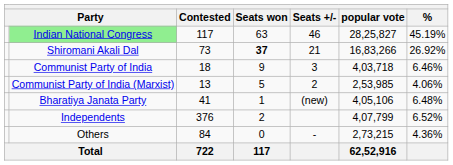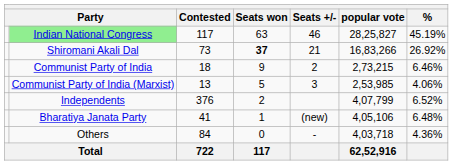 <table class="wikitable" style="text-align:center">
 <tr>
 <th colspan=7></th>
 </tr>
 <tr>
 <th colspan=2>Party</th>
 <th>Contested</th>
 <th>Seats won</th>
 <th>Seats +/-</th>
 <th>popular vote</th>
 <th>%</th>
 </tr>
 <tr>
 <td></td>
 <td style="background:#90EE90;"><a href='#'>Indian National Congress</a></td>
 <td>117</td>
 <td>63</td>
 <td>46</td>
 <td>28,25,827</td>
 <td>45.19%</td>
 </tr>
 <tr>
 <td></td>
 <td><a href='#'>Shiromani Akali Dal</a></td>
 <td>73</td>
 <td><strong>37</strong></td>
 <td>21</td>
 <td>16,83,266</td>
 <td>26.92%</td>
 </tr>
 <tr>
 <td></td>
 <td><a href='#'>Communist Party of India</a></td>
 <td>18</td>
 <td>9</td>
-<td>3</td>
-<td>4,03,718</td>
+<td>2</td>
+<td>2,73,215</td>
 <td>6.46%</td>
 </tr>
 <tr>
 <td></td>
 <td><a href='#'>Communist Party of India (Marxist)</a></td>
 <td>13</td>
 <td>5</td>
-<td>2</td>
+<td>3</td>
 <td>2,53,985</td>
 <td>4.06%</td>
+</tr>
+<tr>
+<td></td>
+<td><a href='#'>Independents</a></td>
+<td>376</td>
+<td>2</td>
+<td></td>
+<td>4,07,799</td>
+<td>6.52%</td>
 </tr>
 <tr>
 <td></td>
 <td><a href='#'>Bharatiya Janata Party</a></td>
 <td>41</td>
 <td>1</td>
 <td>(new)</td>
 <td>4,05,106</td>
 <td>6.48%</td>
 </tr>
 <tr>
 <td></td>
-<td><a href='#'>Independents</a></td>
-<td>376</td>
-<td>2</td>
-<td></td>
-<td>4,07,799</td>
-<td>6.52%</td>
-</tr>
-<tr>
-<td></td>
 <td>Others</td>
 <td>84</td>
 <td>0</td>
 <td>-</td>
-<td>2,73,215</td>
+<td>4,03,718</td>
 <td>4.36%</td>
 </tr>
 <tr>
 <th colspan=2>Total</th>
 <th>722</th>
 <th>117</th>
 <th></th>
 <th>62,52,916</th>
 <th></th>
 </tr>
 </table>
